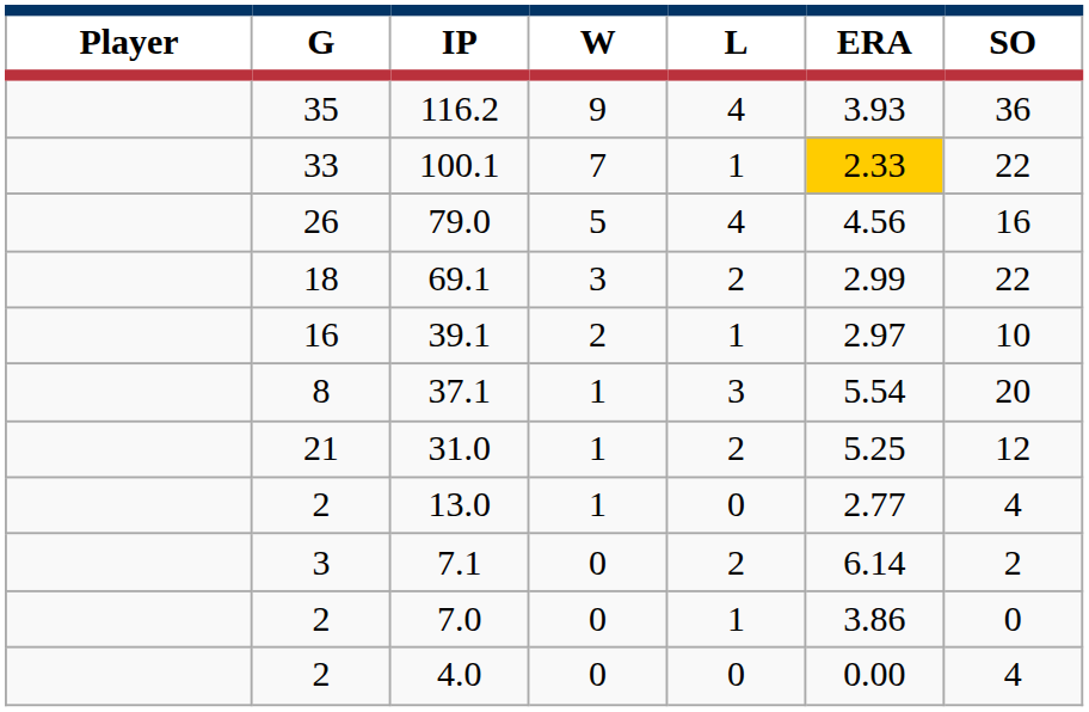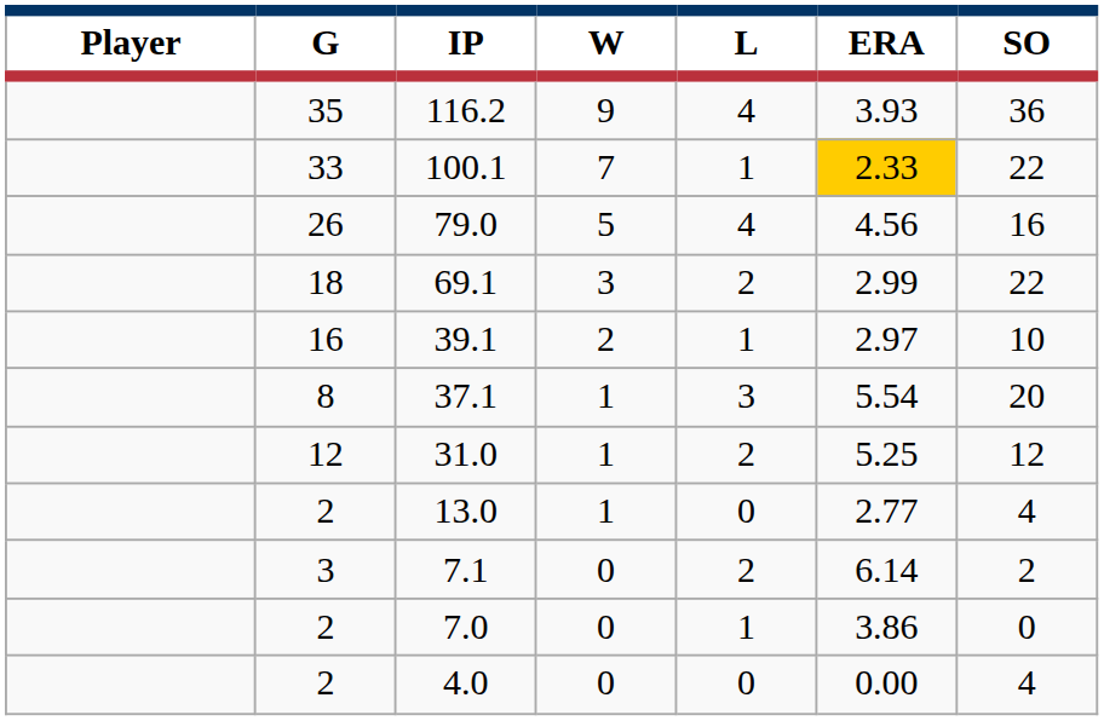 <table class="wikitable sortable">
 <tr>
 <th style="background:#FFFFFF; border-top:#023465 5px solid; border-bottom:#ba313c 5px solid;" width="16%">Player</th>
 <th style="background:#FFFFFF; border-top:#023465 5px solid; border-bottom:#ba313c 5px solid;" width="9%">G</th>
 <th style="background:#FFFFFF; border-top:#023465 5px solid; border-bottom:#ba313c 5px solid;" width="9%">IP</th>
 <th style="background:#FFFFFF; border-top:#023465 5px solid; border-bottom:#ba313c 5px solid;" width="9%">W</th>
 <th style="background:#FFFFFF; border-top:#023465 5px solid; border-bottom:#ba313c 5px solid;" width="9%">L</th>
 <th style="background:#FFFFFF; border-top:#023465 5px solid; border-bottom:#ba313c 5px solid;" width="9%">ERA</th>
 <th style="background:#FFFFFF; border-top:#023465 5px solid; border-bottom:#ba313c 5px solid;" width="9%">SO</th>
 </tr>
 <tr align="center">
 <td></td>
 <td>35</td>
 <td>116.2</td>
 <td>9</td>
 <td>4</td>
 <td>3.93</td>
 <td>36</td>
 </tr>
 <tr align="center">
 <td></td>
 <td>33</td>
 <td>100.1</td>
 <td>7</td>
 <td>1</td>
 <td style="background:#fc0;">2.33</td>
 <td>22</td>
 </tr>
 <tr align="center">
 <td></td>
 <td>26</td>
 <td>79.0</td>
 <td>5</td>
 <td>4</td>
 <td>4.56</td>
 <td>16</td>
 </tr>
 <tr align="center">
 <td></td>
 <td>18</td>
 <td>69.1</td>
 <td>3</td>
 <td>2</td>
 <td>2.99</td>
 <td>22</td>
 </tr>
 <tr align="center">
 <td></td>
 <td>16</td>
 <td>39.1</td>
 <td>2</td>
 <td>1</td>
 <td>2.97</td>
 <td>10</td>
 </tr>
 <tr align="center">
 <td></td>
 <td>8</td>
 <td>37.1</td>
 <td>1</td>
 <td>3</td>
 <td>5.54</td>
 <td>20</td>
 </tr>
 <tr align="center">
 <td></td>
-<td>21</td>
+<td>12</td>
 <td>31.0</td>
 <td>1</td>
 <td>2</td>
 <td>5.25</td>
 <td>12</td>
 </tr>
 <tr align="center">
 <td></td>
 <td>2</td>
 <td>13.0</td>
 <td>1</td>
 <td>0</td>
 <td>2.77</td>
 <td>4</td>
 </tr>
 <tr align="center">
 <td></td>
 <td>3</td>
 <td>7.1</td>
 <td>0</td>
 <td>2</td>
 <td>6.14</td>
 <td>2</td>
 </tr>
 <tr align="center">
 <td></td>
 <td>2</td>
 <td>7.0</td>
 <td>0</td>
 <td>1</td>
 <td>3.86</td>
 <td>0</td>
 </tr>
 <tr align="center">
 <td></td>
 <td>2</td>
 <td>4.0</td>
 <td>0</td>
 <td>0</td>
 <td>0.00</td>
 <td>4</td>
 </tr>
 </table>
